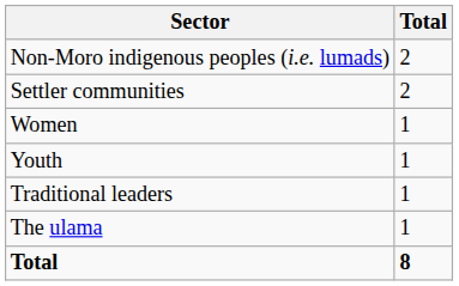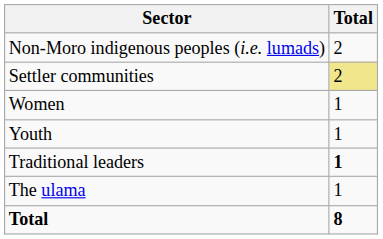 <table class="wikitable">
 <tr>
 <th>Sector</th>
 <th>Total</th>
 </tr>
 <tr>
 <td>Non-Moro indigenous peoples (<em>i.e.</em> <a href='#'>lumads</a>)</td>
 <td>2</td>
 </tr>
 <tr>
 <td>Settler communities</td>
-<td>2</td>
+<td style="background: khaki;">2</td>
 </tr>
 <tr>
 <td>Women</td>
 <td>1</td>
 </tr>
 <tr>
 <td>Youth</td>
 <td>1</td>
 </tr>
 <tr>
 <td>Traditional leaders</td>
-<td>1</td>
+<td><strong>1</strong></td>
 </tr>
 <tr>
 <td>The <a href='#'>ulama</a></td>
 <td>1</td>
 </tr>
 <tr>
 <td><strong>Total</strong></td>
 <td><strong>8</strong></td>
 </tr>
 </table>
